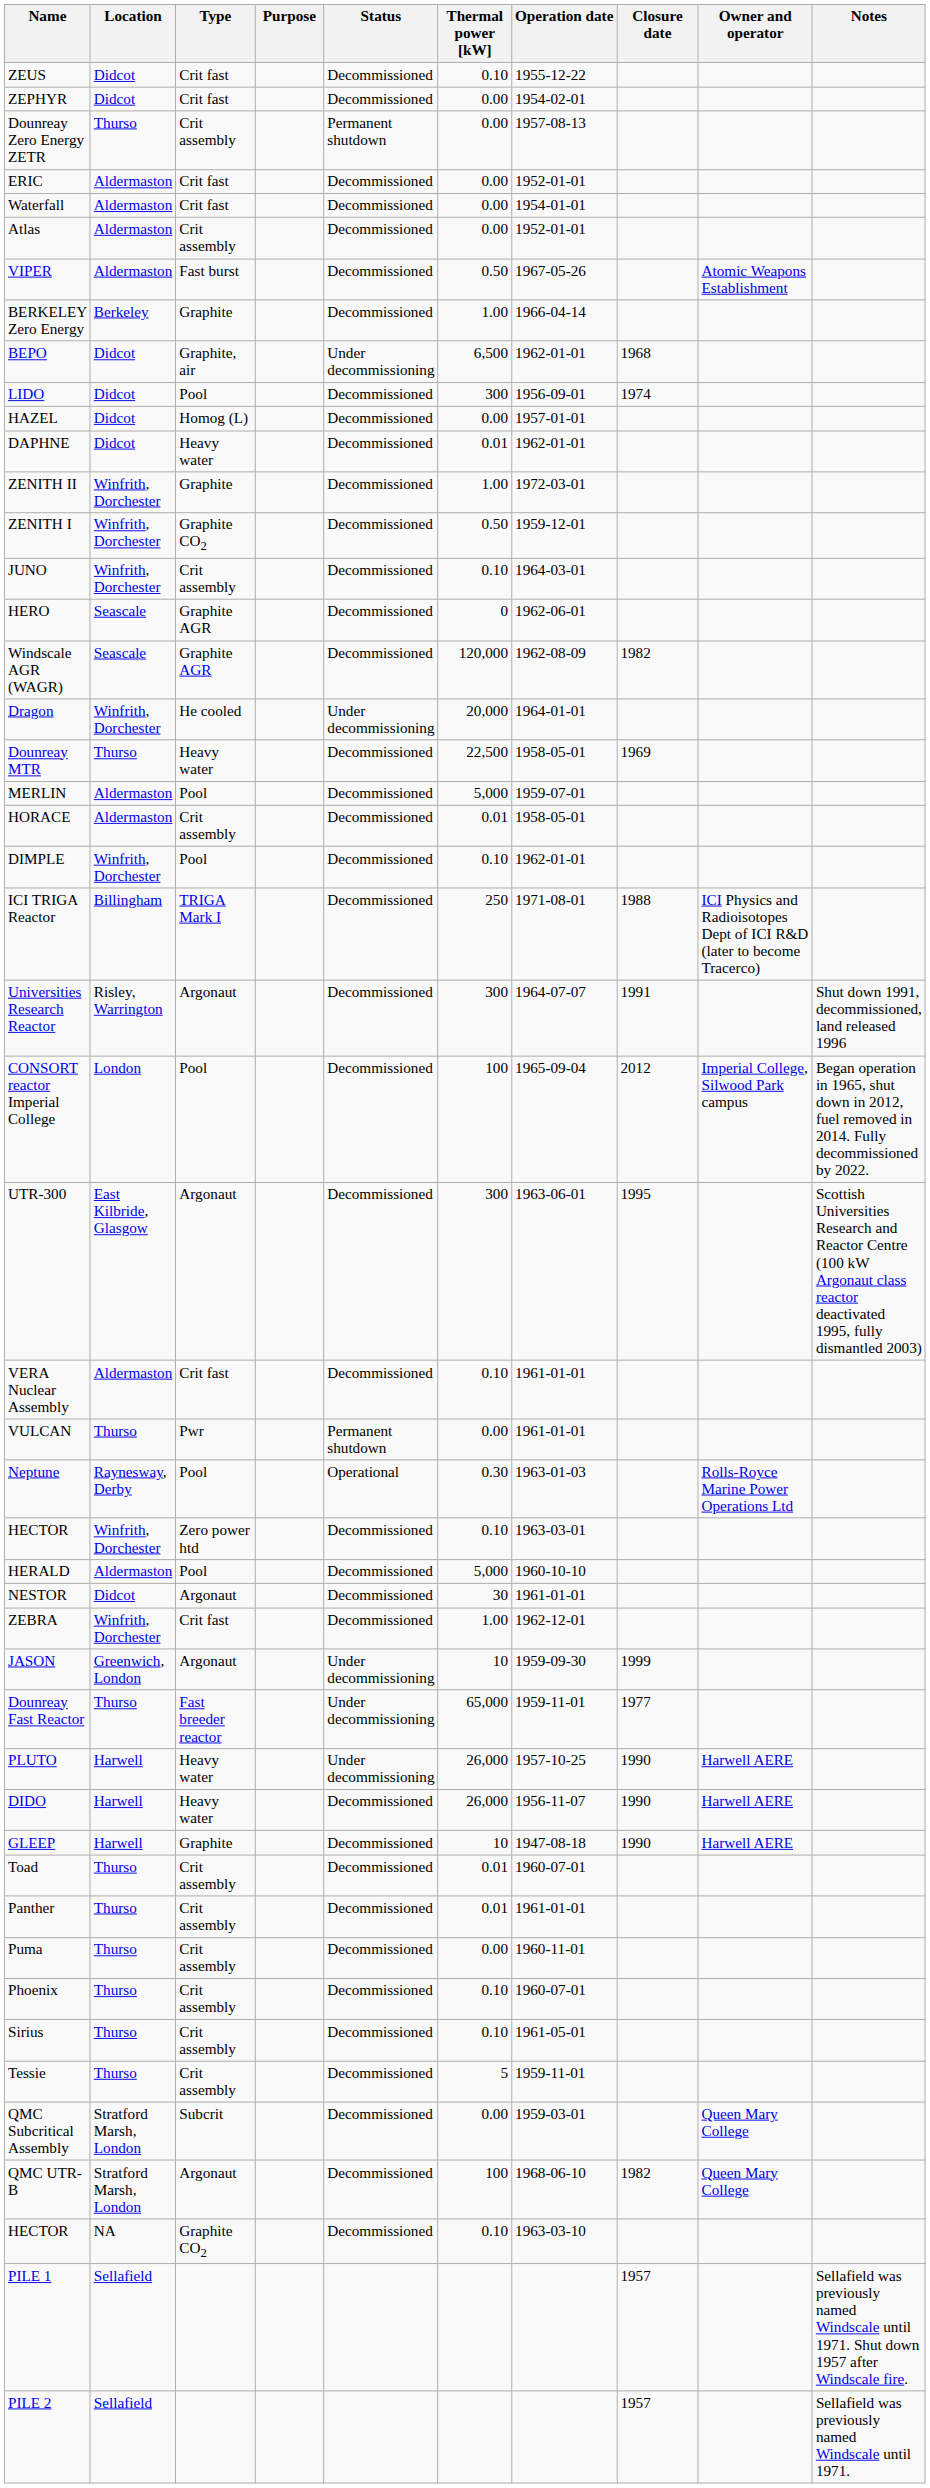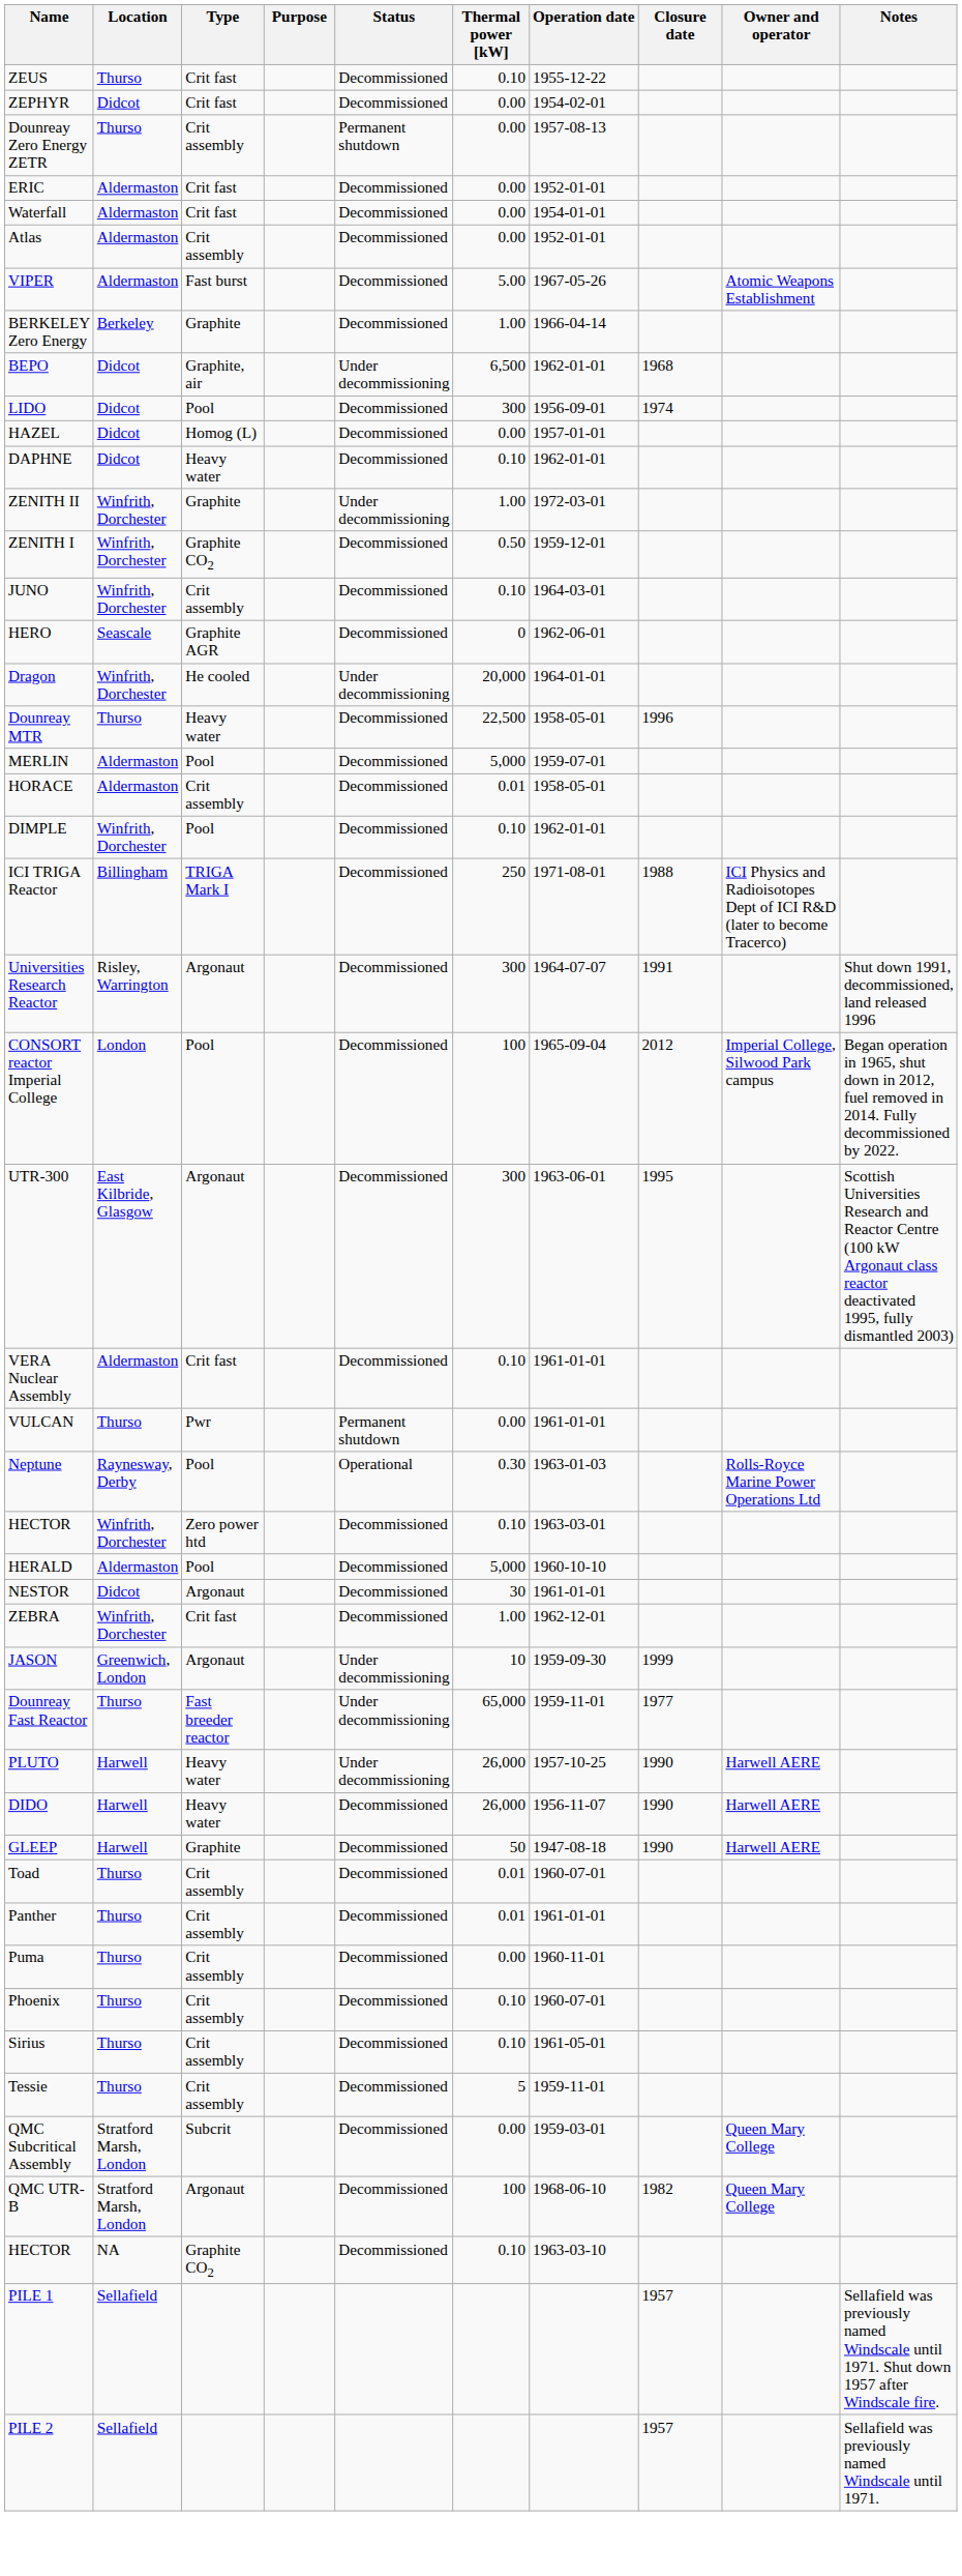 <table class="sortable wikitable" >
 <tr valign="top">
 <th width="80">Name</th>
 <th width="65">Location</th>
 <th width="76">Type</th>
 <th width="65">Purpose</th>
 <th width="91">Status</th>
 <th width="70“">Thermal power [kW]</th>
 <th width=„67“>Operation date</th>
 <th width="78“">Closure date</th>
 <th width="113“">Owner and operator</th>
 <th width="65">Notes</th>
 </tr>
 <tr valign="top">
 <td>ZEUS</td>
-<td><a href='#'>Didcot</a></td>
+<td><a href='#'>Thurso</a></td>
 <td>Crit fast</td>
 <td></td>
 <td>Decommissioned</td>
 <td align="right">0.10</td>
 <td>1955-12-22</td>
 <td></td>
 <td></td>
 <td></td>
 </tr>
 <tr valign="top">
 <td>ZEPHYR</td>
 <td><a href='#'>Didcot</a></td>
 <td>Crit fast</td>
 <td></td>
 <td>Decommissioned</td>
 <td align="right">0.00</td>
 <td>1954-02-01</td>
 <td></td>
 <td></td>
 <td></td>
 </tr>
 <tr valign="top">
 <td>Dounreay Zero Energy ZETR</td>
 <td><a href='#'>Thurso</a></td>
 <td>Crit assembly</td>
 <td></td>
 <td>Permanent shutdown</td>
 <td align="right">0.00</td>
 <td>1957-08-13</td>
 <td></td>
 <td></td>
 <td></td>
 </tr>
 <tr valign="top">
 <td>ERIC</td>
 <td><a href='#'>Aldermaston</a></td>
 <td>Crit fast</td>
 <td></td>
 <td>Decommissioned</td>
 <td align="right">0.00</td>
 <td>1952-01-01</td>
 <td></td>
 <td></td>
 <td></td>
 </tr>
 <tr valign="top">
 <td>Waterfall</td>
 <td><a href='#'>Aldermaston</a></td>
 <td>Crit fast</td>
 <td></td>
 <td>Decommissioned</td>
 <td align="right">0.00</td>
 <td>1954-01-01</td>
 <td></td>
 <td></td>
 <td></td>
 </tr>
 <tr valign="top">
 <td>Atlas</td>
 <td><a href='#'>Aldermaston</a></td>
 <td>Crit assembly</td>
 <td></td>
 <td>Decommissioned</td>
 <td align="right">0.00</td>
 <td>1952-01-01</td>
 <td></td>
 <td></td>
 <td></td>
 </tr>
 <tr valign="top">
 <td><a href='#'>VIPER</a></td>
 <td><a href='#'>Aldermaston</a></td>
 <td>Fast burst</td>
 <td></td>
 <td>Decommissioned</td>
-<td align="right">0.50</td>
+<td align="right">5.00</td>
 <td>1967-05-26</td>
 <td></td>
 <td><a href='#'>Atomic Weapons Establishment</a></td>
 <td></td>
 </tr>
 <tr valign="top">
 <td>BERKELEY Zero Energy</td>
 <td><a href='#'>Berkeley</a></td>
 <td>Graphite</td>
 <td></td>
 <td>Decommissioned</td>
 <td align="right">1.00</td>
 <td>1966-04-14</td>
 <td></td>
 <td></td>
 <td></td>
 </tr>
 <tr valign="top">
 <td><a href='#'>BEPO</a></td>
 <td><a href='#'>Didcot</a></td>
 <td>Graphite, air</td>
 <td></td>
 <td>Under decommissioning</td>
 <td align="right">6,500</td>
 <td>1962-01-01</td>
 <td>1968</td>
 <td></td>
 <td></td>
 </tr>
 <tr valign="top">
 <td><a href='#'>LIDO</a></td>
 <td><a href='#'>Didcot</a></td>
 <td>Pool</td>
 <td></td>
 <td>Decommissioned</td>
 <td align="right">300</td>
 <td>1956-09-01</td>
 <td>1974</td>
 <td></td>
 <td></td>
 </tr>
 <tr valign="top">
 <td>HAZEL</td>
 <td><a href='#'>Didcot</a></td>
 <td>Homog (L)</td>
 <td></td>
 <td>Decommissioned</td>
 <td align="right">0.00</td>
 <td>1957-01-01</td>
 <td></td>
 <td></td>
 <td></td>
 </tr>
 <tr valign="top">
 <td>DAPHNE</td>
 <td><a href='#'>Didcot</a></td>
 <td>Heavy water</td>
 <td></td>
 <td>Decommissioned</td>
-<td align="right">0.01</td>
+<td align="right">0.10</td>
 <td>1962-01-01</td>
 <td></td>
 <td></td>
 <td></td>
 </tr>
 <tr valign="top">
 <td>ZENITH II</td>
 <td><a href='#'>Winfrith</a>, <a href='#'>Dorchester</a></td>
 <td>Graphite</td>
 <td></td>
-<td>Decommissioned</td>
+<td>Under decommissioning</td>
 <td align="right">1.00</td>
 <td>1972-03-01</td>
 <td></td>
 <td></td>
 <td></td>
 </tr>
 <tr valign="top">
 <td>ZENITH I</td>
 <td><a href='#'>Winfrith</a>, <a href='#'>Dorchester</a></td>
 <td>Graphite CO<sub>2</sub></td>
 <td></td>
 <td>Decommissioned</td>
 <td align="right">0.50</td>
 <td>1959-12-01</td>
 <td></td>
 <td></td>
 <td></td>
 </tr>
 <tr valign="top">
 <td>JUNO</td>
 <td><a href='#'>Winfrith</a>, <a href='#'>Dorchester</a></td>
 <td>Crit assembly</td>
 <td></td>
 <td>Decommissioned</td>
 <td align="right">0.10</td>
 <td>1964-03-01</td>
 <td></td>
 <td></td>
 <td></td>
 </tr>
 <tr valign="top">
 <td>HERO</td>
 <td><a href='#'>Seascale</a></td>
 <td>Graphite AGR</td>
 <td></td>
 <td>Decommissioned</td>
 <td align="right">0</td>
 <td>1962-06-01</td>
 <td></td>
 <td></td>
 <td></td>
 </tr>
 <tr valign="top">
-<td>Windscale AGR (WAGR)</td>
-<td><a href='#'>Seascale</a></td>
-<td>Graphite <a href='#'>AGR</a></td>
-<td></td>
-<td>Decommissioned</td>
-<td align="right">120,000</td>
-<td>1962-08-09</td>
-<td>1982</td>
-<td></td>
-<td></td>
-</tr>
-<tr valign="top">
 <td><a href='#'>Dragon</a></td>
 <td><a href='#'>Winfrith</a>, <a href='#'>Dorchester</a></td>
 <td>He cooled</td>
 <td></td>
 <td>Under decommissioning</td>
 <td align="right">20,000</td>
 <td>1964-01-01</td>
 <td></td>
 <td></td>
 <td></td>
 </tr>
 <tr valign="top">
 <td><a href='#'>Dounreay MTR</a></td>
 <td><a href='#'>Thurso</a></td>
 <td>Heavy water</td>
 <td></td>
 <td>Decommissioned</td>
 <td align="right">22,500</td>
 <td>1958-05-01</td>
-<td>1969</td>
+<td>1996</td>
 <td></td>
 <td></td>
 </tr>
 <tr valign="top">
 <td>MERLIN</td>
 <td><a href='#'>Aldermaston</a></td>
 <td>Pool</td>
 <td></td>
 <td>Decommissioned</td>
 <td align="right">5,000</td>
 <td>1959-07-01</td>
 <td></td>
 <td></td>
 <td></td>
 </tr>
 <tr valign="top">
 <td>HORACE</td>
 <td><a href='#'>Aldermaston</a></td>
 <td>Crit assembly</td>
 <td></td>
 <td>Decommissioned</td>
 <td align="right">0.01</td>
 <td>1958-05-01</td>
 <td></td>
 <td></td>
 <td></td>
 </tr>
 <tr valign="top">
 <td>DIMPLE</td>
 <td><a href='#'>Winfrith</a>, <a href='#'>Dorchester</a></td>
 <td>Pool</td>
 <td></td>
 <td>Decommissioned</td>
 <td align="right">0.10</td>
 <td>1962-01-01</td>
 <td></td>
 <td></td>
 <td></td>
 </tr>
 <tr valign="top">
 <td>ICI TRIGA Reactor</td>
 <td><a href='#'>Billingham</a></td>
 <td><a href='#'>TRIGA Mark I</a></td>
 <td></td>
 <td>Decommissioned</td>
 <td align="right">250</td>
 <td>1971-08-01</td>
 <td>1988</td>
 <td><a href='#'>ICI</a> Physics and Radioisotopes Dept of ICI R&D (later to become Tracerco)</td>
 <td></td>
 </tr>
 <tr valign="top">
 <td><a href='#'>Universities Research Reactor</a></td>
 <td>Risley, <a href='#'>Warrington</a></td>
 <td>Argonaut</td>
 <td></td>
 <td>Decommissioned</td>
 <td align="right">300</td>
 <td>1964-07-07</td>
 <td>1991</td>
 <td></td>
 <td>Shut down 1991, decommissioned, land released 1996</td>
 </tr>
 <tr valign="top">
 <td><a href='#'>CONSORT reactor</a> Imperial College</td>
 <td><a href='#'>London</a></td>
 <td>Pool</td>
 <td></td>
 <td>Decommissioned</td>
 <td align="right">100</td>
 <td>1965-09-04</td>
 <td>2012</td>
 <td><a href='#'>Imperial College</a>, <a href='#'>Silwood Park</a> campus</td>
 <td>Began operation in 1965, shut down in 2012, fuel removed in 2014. Fully decommissioned by 2022.</td>
 </tr>
 <tr valign="top">
 <td>UTR-300</td>
 <td><a href='#'>East Kilbride</a>, <a href='#'>Glasgow</a></td>
 <td>Argonaut</td>
 <td></td>
 <td>Decommissioned</td>
 <td align="right">300</td>
 <td>1963-06-01</td>
 <td>1995</td>
 <td></td>
 <td>Scottish Universities Research and Reactor Centre (100 kW <a href='#'>Argonaut class reactor</a> deactivated 1995, fully dismantled 2003)</td>
 </tr>
 <tr valign="top">
 <td>VERA Nuclear Assembly</td>
 <td><a href='#'>Aldermaston</a></td>
 <td>Crit fast</td>
 <td></td>
 <td>Decommissioned</td>
 <td align="right">0.10</td>
 <td>1961-01-01</td>
 <td></td>
 <td></td>
 <td></td>
 </tr>
 <tr valign="top">
 <td>VULCAN</td>
 <td><a href='#'>Thurso</a></td>
 <td>Pwr</td>
 <td></td>
 <td>Permanent shutdown</td>
 <td align="right">0.00</td>
 <td>1961-01-01</td>
 <td></td>
 <td></td>
 <td></td>
 </tr>
 <tr valign="top">
 <td><a href='#'>Neptune</a></td>
 <td><a href='#'>Raynesway</a>, <a href='#'>Derby</a></td>
 <td>Pool</td>
 <td></td>
 <td>Operational</td>
 <td align="right">0.30</td>
 <td>1963-01-03</td>
 <td></td>
 <td><a href='#'>Rolls-Royce Marine Power Operations Ltd</a></td>
 <td></td>
 </tr>
 <tr valign="top">
 <td>HECTOR</td>
 <td><a href='#'>Winfrith</a>, <a href='#'>Dorchester</a></td>
 <td>Zero power htd</td>
 <td></td>
 <td>Decommissioned</td>
 <td align="right">0.10</td>
 <td>1963-03-01</td>
 <td></td>
 <td></td>
 <td></td>
 </tr>
 <tr valign="top">
 <td>HERALD</td>
 <td><a href='#'>Aldermaston</a></td>
 <td>Pool</td>
 <td></td>
 <td>Decommissioned</td>
 <td align="right">5,000</td>
 <td>1960-10-10</td>
 <td></td>
 <td></td>
 <td></td>
 </tr>
 <tr valign="top">
 <td>NESTOR</td>
 <td><a href='#'>Didcot</a></td>
 <td>Argonaut</td>
 <td></td>
 <td>Decommissioned</td>
 <td align="right">30</td>
 <td>1961-01-01</td>
 <td></td>
 <td></td>
 <td></td>
 </tr>
 <tr valign="top">
 <td>ZEBRA</td>
 <td><a href='#'>Winfrith</a>, <a href='#'>Dorchester</a></td>
 <td>Crit fast</td>
 <td></td>
 <td>Decommissioned</td>
 <td align="right">1.00</td>
 <td>1962-12-01</td>
 <td></td>
 <td></td>
 <td></td>
 </tr>
 <tr valign="top">
 <td><a href='#'>JASON</a></td>
 <td><a href='#'>Greenwich</a>, <a href='#'>London</a></td>
 <td>Argonaut</td>
 <td></td>
 <td>Under decommissioning</td>
 <td align="right">10</td>
 <td>1959-09-30</td>
 <td>1999</td>
 <td></td>
 <td></td>
 </tr>
 <tr valign="top">
 <td><a href='#'>Dounreay Fast Reactor</a></td>
 <td><a href='#'>Thurso</a></td>
 <td><a href='#'>Fast breeder reactor</a></td>
 <td></td>
 <td>Under decommissioning</td>
 <td align="right">65,000</td>
 <td>1959-11-01</td>
 <td>1977</td>
 <td></td>
 <td></td>
 </tr>
 <tr valign="top">
 <td><a href='#'>PLUTO</a></td>
 <td><a href='#'>Harwell</a></td>
 <td>Heavy water</td>
 <td></td>
 <td>Under decommissioning</td>
 <td align="right">26,000</td>
 <td>1957-10-25</td>
 <td>1990</td>
 <td><a href='#'>Harwell AERE</a></td>
 <td></td>
 </tr>
 <tr valign="top">
 <td><a href='#'>DIDO</a></td>
 <td><a href='#'>Harwell</a></td>
 <td>Heavy water</td>
 <td></td>
 <td>Decommissioned</td>
 <td align="right">26,000</td>
 <td>1956-11-07</td>
 <td>1990</td>
 <td><a href='#'>Harwell AERE</a></td>
 <td></td>
 </tr>
 <tr valign="top">
 <td><a href='#'>GLEEP</a></td>
 <td><a href='#'>Harwell</a></td>
 <td>Graphite</td>
 <td></td>
 <td>Decommissioned</td>
-<td align="right">10</td>
+<td align="right">50</td>
 <td>1947-08-18</td>
 <td>1990</td>
 <td><a href='#'>Harwell AERE</a></td>
 <td></td>
 </tr>
 <tr valign="top">
 <td>Toad</td>
 <td><a href='#'>Thurso</a></td>
 <td>Crit assembly</td>
 <td></td>
 <td>Decommissioned</td>
 <td align="right">0.01</td>
 <td>1960-07-01</td>
 <td></td>
 <td></td>
 <td></td>
 </tr>
 <tr valign="top">
 <td>Panther</td>
 <td><a href='#'>Thurso</a></td>
 <td>Crit assembly</td>
 <td></td>
 <td>Decommissioned</td>
 <td align="right">0.01</td>
 <td>1961-01-01</td>
 <td></td>
 <td></td>
 <td></td>
 </tr>
 <tr valign="top">
 <td>Puma</td>
 <td><a href='#'>Thurso</a></td>
 <td>Crit assembly</td>
 <td></td>
 <td>Decommissioned</td>
 <td align="right">0.00</td>
 <td>1960-11-01</td>
 <td></td>
 <td></td>
 <td></td>
 </tr>
 <tr valign="top">
 <td>Phoenix</td>
 <td><a href='#'>Thurso</a></td>
 <td>Crit assembly</td>
 <td></td>
 <td>Decommissioned</td>
 <td align="right">0.10</td>
 <td>1960-07-01</td>
 <td></td>
 <td></td>
 <td></td>
 </tr>
 <tr valign="top">
 <td>Sirius</td>
 <td><a href='#'>Thurso</a></td>
 <td>Crit assembly</td>
 <td></td>
 <td>Decommissioned</td>
 <td align="right">0.10</td>
 <td>1961-05-01</td>
 <td></td>
 <td></td>
 <td></td>
 </tr>
 <tr valign="top">
 <td>Tessie</td>
 <td><a href='#'>Thurso</a></td>
 <td>Crit assembly</td>
 <td></td>
 <td>Decommissioned</td>
 <td align="right">5</td>
 <td>1959-11-01</td>
 <td></td>
 <td></td>
 <td></td>
 </tr>
 <tr valign="top">
 <td>QMC Subcritical Assembly</td>
 <td>Stratford Marsh, <a href='#'>London</a></td>
 <td>Subcrit</td>
 <td></td>
 <td>Decommissioned</td>
 <td align="right">0.00</td>
 <td>1959-03-01</td>
 <td></td>
 <td><a href='#'>Queen Mary College</a></td>
 <td></td>
 </tr>
 <tr valign="top">
 <td>QMC UTR-B</td>
 <td>Stratford Marsh, <a href='#'>London</a></td>
 <td>Argonaut</td>
 <td></td>
 <td>Decommissioned</td>
 <td align="right">100</td>
 <td>1968-06-10</td>
 <td>1982</td>
 <td><a href='#'>Queen Mary College</a></td>
 <td></td>
 </tr>
 <tr valign="top">
 <td>HECTOR</td>
 <td>NA</td>
 <td>Graphite CO<sub>2</sub></td>
 <td></td>
 <td>Decommissioned</td>
 <td align="right">0.10</td>
 <td>1963-03-10</td>
 <td></td>
 <td></td>
 <td><br></td>
 </tr>
 <tr valign="top">
 <td> <a href='#'>PILE 1</a></td>
 <td> <a href='#'>Sellafield</a></td>
 <td></td>
 <td></td>
 <td></td>
 <td></td>
 <td></td>
 <td> 1957</td>
 <td></td>
 <td> Sellafield was previously named <a href='#'>Windscale</a> until 1971.  Shut down 1957 after <a href='#'>Windscale fire</a>.<br></td>
 </tr>
 <tr valign="top">
 <td><a href='#'>PILE 2</a></td>
 <td> <a href='#'>Sellafield</a></td>
 <td></td>
 <td></td>
 <td></td>
 <td></td>
 <td></td>
 <td> 1957</td>
 <td></td>
 <td> Sellafield was previously named <a href='#'>Windscale</a> until 1971.</td>
 </tr>
 </table>
